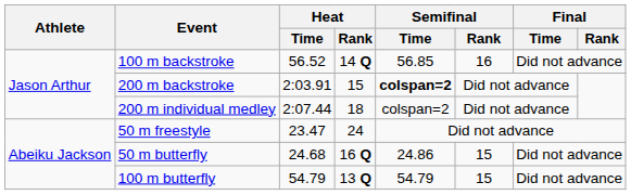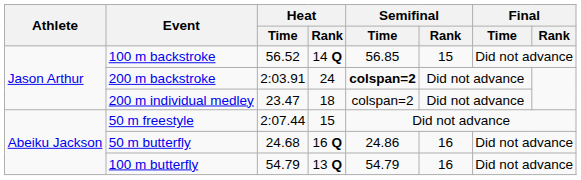 <table class=wikitable style=font-size:90%>
 <tr>
 <th rowspan=2>Athlete</th>
 <th rowspan=2>Event</th>
 <th colspan=2>Heat</th>
 <th colspan=2>Semifinal</th>
 <th colspan=2>Final</th>
 </tr>
 <tr style=font-size:95%>
 <th>Time</th>
 <th>Rank</th>
 <th>Time</th>
 <th>Rank</th>
 <th>Time</th>
 <th>Rank</th>
 </tr>
 <tr align=center>
 <td align=left rowspan=3><a href='#'>Jason Arthur</a></td>
 <td align=left><a href='#'>100 m backstroke</a></td>
 <td>56.52</td>
 <td>14 <strong>Q</strong></td>
 <td>56.85</td>
-<td>16</td>
+<td>15</td>
 <td colspan=2>Did not advance</td>
 </tr>
 <tr align=center>
 <td align=left><a href='#'>200 m backstroke</a></td>
 <td>2:03.91</td>
-<td>15</td>
+<td>24</td>
 <td><strong>colspan=2 </strong></td>
 <td colspan=2>Did not advance</td>
 </tr>
 <tr align=center>
 <td align=left><a href='#'>200 m individual medley</a></td>
-<td>2:07.44</td>
+<td>23.47</td>
 <td>18</td>
 <td>colspan=2 </td>
 <td colspan=2>Did not advance</td>
 </tr>
 <tr align=center>
 <td align=left rowspan=3><a href='#'>Abeiku Jackson</a></td>
 <td align=left><a href='#'>50 m freestyle</a></td>
-<td>23.47</td>
-<td>24</td>
+<td>2:07.44</td>
+<td>15</td>
 <td colspan=4>Did not advance</td>
 </tr>
 <tr align=center>
 <td align=left><a href='#'>50 m butterfly</a></td>
 <td>24.68</td>
 <td>16 <strong>Q</strong></td>
 <td>24.86</td>
-<td>15</td>
+<td>16</td>
 <td colspan=2>Did not advance</td>
 </tr>
 <tr align=center>
 <td align=left><a href='#'>100 m butterfly</a></td>
 <td>54.79</td>
 <td>13 <strong>Q</strong></td>
 <td>54.79</td>
-<td>15</td>
+<td>16</td>
 <td colspan=2>Did not advance</td>
 </tr>
 </table>
